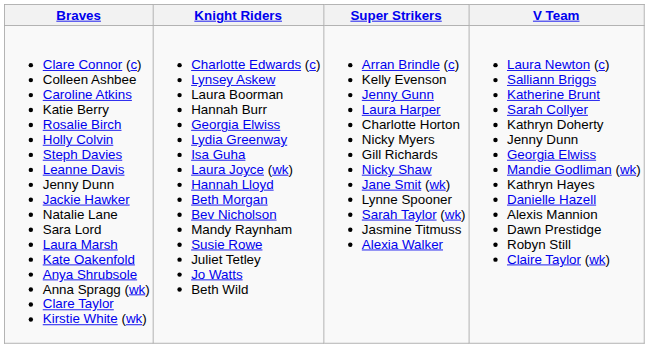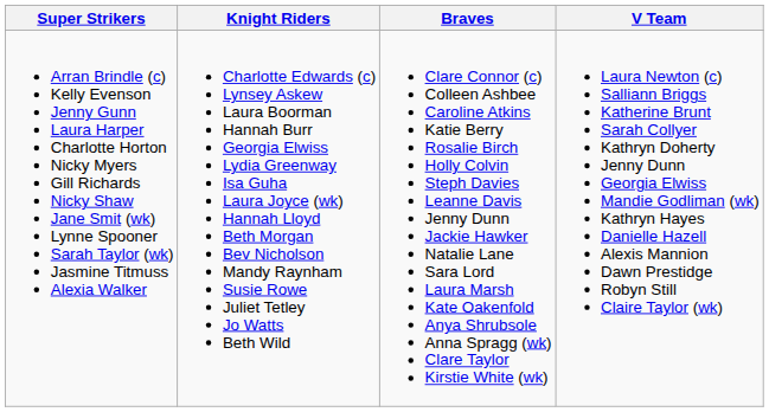 <table class="wikitable" Style="font-size:95%;">
 <tr>
+<th><a href='#'>Super Strikers</a></th>
+<th><a href='#'>Knight Riders</a></th>
 <th><a href='#'>Braves</a></th>
-<th><a href='#'>Knight Riders</a></th>
-<th><a href='#'>Super Strikers</a></th>
 <th><a href='#'>V Team</a></th>
 </tr>
 <tr>
+<td valign=top><br><ul><li> <a href='#'>Arran Brindle</a> (<a href='#'>c</a>)</li><li> Kelly Evenson</li><li> <a href='#'>Jenny Gunn</a></li><li> <a href='#'>Laura Harper</a></li><li> Charlotte Horton</li><li> Nicky Myers</li><li> Gill Richards</li><li> <a href='#'>Nicky Shaw</a></li><li> <a href='#'>Jane Smit</a> (<a href='#'>wk</a>)</li><li> Lynne Spooner</li><li> <a href='#'>Sarah Taylor</a> (<a href='#'>wk</a>)</li><li> Jasmine Titmuss</li><li> <a href='#'>Alexia Walker</a></li></ul></td>
+<td valign=top><br><ul><li> <a href='#'>Charlotte Edwards</a> (<a href='#'>c</a>)</li><li> <a href='#'>Lynsey Askew</a></li><li> Laura Boorman</li><li> Hannah Burr</li><li> <a href='#'>Georgia Elwiss</a></li><li> <a href='#'>Lydia Greenway</a></li><li> <a href='#'>Isa Guha</a></li><li> <a href='#'>Laura Joyce</a> (<a href='#'>wk</a>)</li><li> <a href='#'>Hannah Lloyd</a></li><li> <a href='#'>Beth Morgan</a></li><li> <a href='#'>Bev Nicholson</a></li><li> Mandy Raynham</li><li> <a href='#'>Susie Rowe</a></li><li> Juliet Tetley</li><li> <a href='#'>Jo Watts</a></li><li> Beth Wild</li></ul></td>
 <td valign=top><br><ul><li> <a href='#'>Clare Connor</a> (<a href='#'>c</a>)</li><li> Colleen Ashbee</li><li> <a href='#'>Caroline Atkins</a></li><li> Katie Berry</li><li> <a href='#'>Rosalie Birch</a></li><li> <a href='#'>Holly Colvin</a></li><li> <a href='#'>Steph Davies</a></li><li> <a href='#'>Leanne Davis</a></li><li> Jenny Dunn</li><li> <a href='#'>Jackie Hawker</a></li><li> Natalie Lane</li><li> Sara Lord</li><li> <a href='#'>Laura Marsh</a></li><li> <a href='#'>Kate Oakenfold</a></li><li> <a href='#'>Anya Shrubsole</a></li><li> Anna Spragg (<a href='#'>wk</a>)</li><li> <a href='#'>Clare Taylor</a></li><li> <a href='#'>Kirstie White</a> (<a href='#'>wk</a>)</li></ul></td>
-<td valign=top><br><ul><li> <a href='#'>Charlotte Edwards</a> (<a href='#'>c</a>)</li><li> <a href='#'>Lynsey Askew</a></li><li> Laura Boorman</li><li> Hannah Burr</li><li> <a href='#'>Georgia Elwiss</a></li><li> <a href='#'>Lydia Greenway</a></li><li> <a href='#'>Isa Guha</a></li><li> <a href='#'>Laura Joyce</a> (<a href='#'>wk</a>)</li><li> <a href='#'>Hannah Lloyd</a></li><li> <a href='#'>Beth Morgan</a></li><li> <a href='#'>Bev Nicholson</a></li><li> Mandy Raynham</li><li> <a href='#'>Susie Rowe</a></li><li> Juliet Tetley</li><li> <a href='#'>Jo Watts</a></li><li> Beth Wild</li></ul></td>
-<td valign=top><br><ul><li> <a href='#'>Arran Brindle</a> (<a href='#'>c</a>)</li><li> Kelly Evenson</li><li> <a href='#'>Jenny Gunn</a></li><li> <a href='#'>Laura Harper</a></li><li> Charlotte Horton</li><li> Nicky Myers</li><li> Gill Richards</li><li> <a href='#'>Nicky Shaw</a></li><li> <a href='#'>Jane Smit</a> (<a href='#'>wk</a>)</li><li> Lynne Spooner</li><li> <a href='#'>Sarah Taylor</a> (<a href='#'>wk</a>)</li><li> Jasmine Titmuss</li><li> <a href='#'>Alexia Walker</a></li></ul></td>
 <td valign=top><br><ul><li> <a href='#'>Laura Newton</a> (<a href='#'>c</a>)</li><li> <a href='#'>Salliann Briggs</a></li><li> <a href='#'>Katherine Brunt</a></li><li> <a href='#'>Sarah Collyer</a></li><li> Kathryn Doherty</li><li> Jenny Dunn</li><li> <a href='#'>Georgia Elwiss</a></li><li> <a href='#'>Mandie Godliman</a> (<a href='#'>wk</a>)</li><li> Kathryn Hayes</li><li> <a href='#'>Danielle Hazell</a></li><li> Alexis Mannion</li><li> Dawn Prestidge</li><li> Robyn Still</li><li> <a href='#'>Claire Taylor</a> (<a href='#'>wk</a>)</li></ul></td>
 </tr>
 </table>
